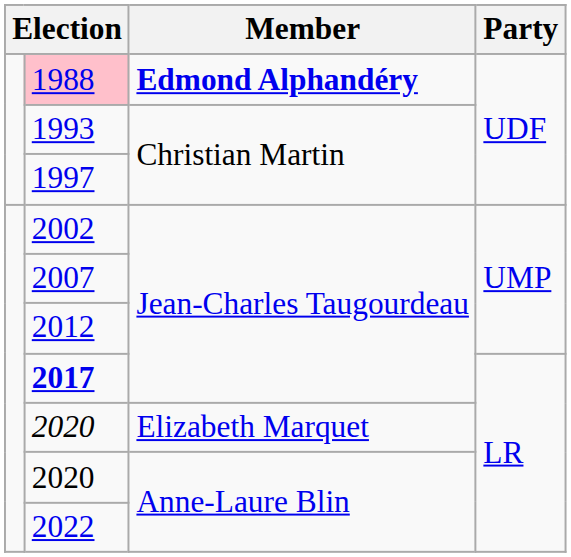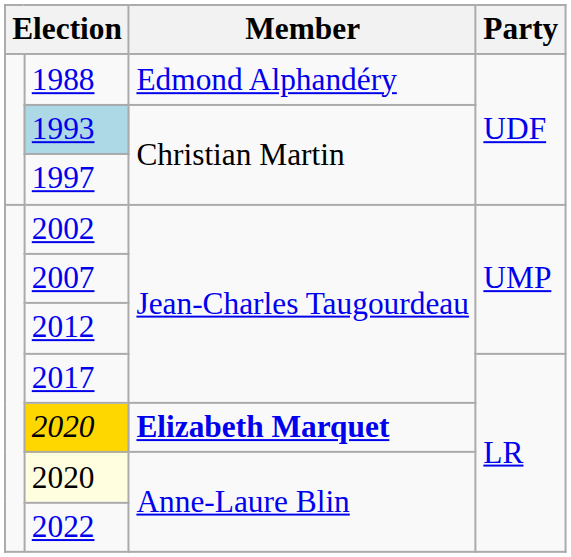 <table class="wikitable">
 <tr>
 <th colspan=2>Election</th>
 <th>Member</th>
 <th>Party</th>
 </tr>
 <tr>
 <td rowspan="3" style="background-color: "></td>
-<td style="background: pink;"><a href='#'>1988</a></td>
-<td><strong><a href='#'>Edmond Alphandéry</a></strong></td>
+<td><a href='#'>1988</a></td>
+<td><a href='#'>Edmond Alphandéry</a></td>
 <td rowspan="3"><a href='#'>UDF</a></td>
 </tr>
 <tr>
-<td><a href='#'>1993</a></td>
+<td style="background: lightblue;"><a href='#'>1993</a></td>
 <td rowspan="2">Christian Martin</td>
 </tr>
 <tr>
 <td><a href='#'>1997</a></td>
 </tr>
 <tr>
 <td rowspan="7" style="background-color: "></td>
 <td><a href='#'>2002</a></td>
 <td rowspan="4"><a href='#'>Jean-Charles Taugourdeau</a></td>
 <td rowspan="3"><a href='#'>UMP</a></td>
 </tr>
 <tr>
 <td><a href='#'>2007</a></td>
 </tr>
 <tr>
 <td><a href='#'>2012</a></td>
 </tr>
 <tr>
-<td><strong><a href='#'>2017</a></strong></td>
+<td><a href='#'>2017</a></td>
 <td rowspan="4"><a href='#'>LR</a></td>
 </tr>
 <tr>
-<td><em>2020</em></td>
-<td><a href='#'>Elizabeth Marquet</a></td>
+<td style="background: gold;"><em>2020</em></td>
+<td><strong><a href='#'>Elizabeth Marquet</a></strong></td>
 </tr>
 <tr>
-<td>2020</td>
+<td style="background: lightyellow;">2020</td>
 <td rowspan="2"><a href='#'>Anne-Laure Blin</a></td>
 </tr>
 <tr>
 <td><a href='#'>2022</a></td>
 </tr>
 </table>
